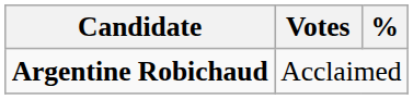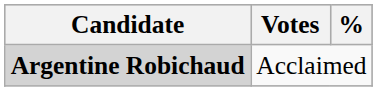 <table class="wikitable">
 <tr>
 <th>Candidate</th>
 <th>Votes</th>
 <th>%</th>
 </tr>
 <tr>
-<td><strong>Argentine Robichaud</strong></td>
+<td style="background: lightgrey;"><strong>Argentine Robichaud</strong></td>
 <td colspan="2">Acclaimed</td>
 </tr>
 </table>
